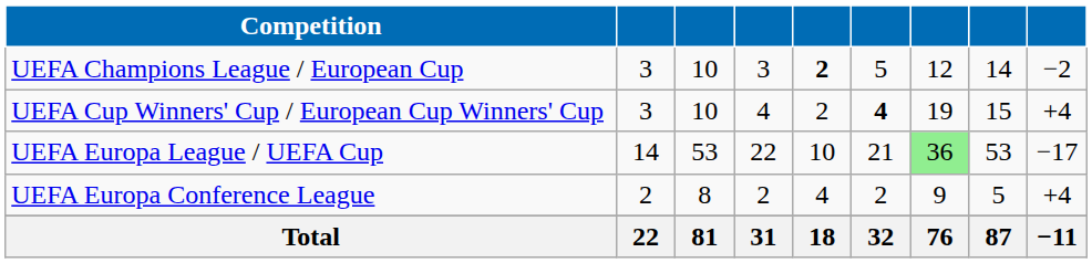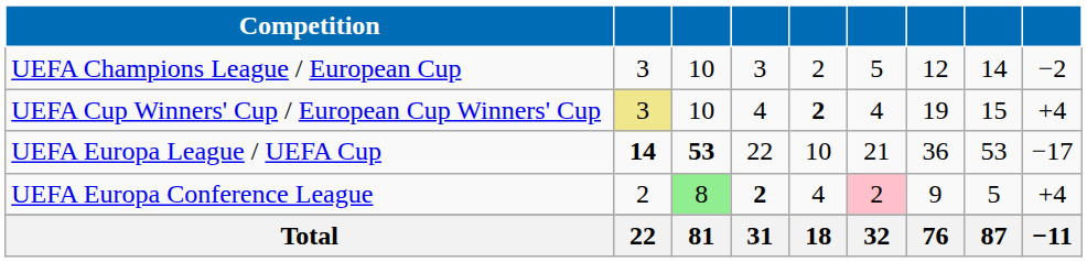 <table class="wikitable" style="text-align:center">
 <tr>
 <th style="background:#006cb5;color:#fefefe;border:1px solid #fefefe;">Competition</th>
 <th style="width:28px;background:#006cb5;color:#fefefe;border:1px solid #fefefe;"></th>
 <th style="width:28px;background:#006cb5;color:#fefefe;border:1px solid #fefefe;"></th>
 <th style="width:28px;background:#006cb5;color:#fefefe;border:1px solid #fefefe;"></th>
 <th style="width:28px;background:#006cb5;color:#fefefe;border:1px solid #fefefe;"></th>
 <th style="width:28px;background:#006cb5;color:#fefefe;border:1px solid #fefefe;"></th>
 <th style="width:28px;background:#006cb5;color:#fefefe;border:1px solid #fefefe;"></th>
 <th style="width:28px;background:#006cb5;color:#fefefe;border:1px solid #fefefe;"></th>
 <th style="width:28px;background:#006cb5;color:#fefefe;border:1px solid #fefefe;"></th>
 </tr>
 <tr>
 <td align=left><a href='#'>UEFA Champions League</a> / <a href='#'>European Cup</a></td>
 <td>3</td>
 <td>10</td>
 <td>3</td>
-<td><strong>2</strong></td>
+<td>2</td>
 <td>5</td>
 <td>12</td>
 <td>14</td>
 <td>−2</td>
 </tr>
 <tr>
 <td align=left><a href='#'>UEFA Cup Winners' Cup</a> / <a href='#'>European Cup Winners' Cup</a> </td>
-<td>3</td>
+<td style="background: khaki;">3</td>
 <td>10</td>
 <td>4</td>
-<td>2</td>
-<td><strong>4</strong></td>
+<td><strong>2</strong></td>
+<td>4</td>
 <td>19</td>
 <td>15</td>
 <td>+4</td>
 </tr>
 <tr>
 <td align=left><a href='#'>UEFA Europa League</a> / <a href='#'>UEFA Cup</a></td>
-<td>14</td>
-<td>53</td>
+<td><strong>14</strong></td>
+<td><strong>53</strong></td>
 <td>22</td>
 <td>10</td>
 <td>21</td>
-<td style="background: lightgreen;">36</td>
+<td>36</td>
 <td>53</td>
 <td>−17</td>
 </tr>
 <tr>
 <td align=left><a href='#'>UEFA Europa Conference League</a></td>
 <td>2</td>
-<td>8</td>
-<td>2</td>
+<td style="background: lightgreen;">8</td>
+<td><strong>2</strong></td>
 <td>4</td>
-<td>2</td>
+<td style="background: pink;">2</td>
 <td>9</td>
 <td>5</td>
 <td>+4</td>
 </tr>
 <tr>
 </tr>
 <tr class="sortbottom">
 <th>Total</th>
 <th>22</th>
 <th>81</th>
 <th>31</th>
 <th>18</th>
 <th>32</th>
 <th>76</th>
 <th>87</th>
 <th>−11</th>
 </tr>
 </table>
